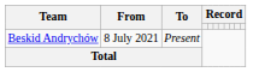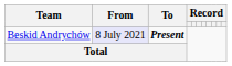 <table class="wikitable" style="text-align: center;">
 <tr>
 <th rowspan="2">Team</th>
 <th rowspan="2">From</th>
 <th rowspan="2">To</th>
 <th colspan="8">Record</th>
 </tr>
 <tr>
 <th></th>
 <th></th>
 <th></th>
 <th></th>
 <th></th>
 <th></th>
 <th></th>
 <th></th>
 </tr>
 <tr>
 <td align=left><a href='#'>Beskid Andrychów</a></td>
-<td align=left>8 July 2021</td>
-<td align=left><em>Present</em><br></td>
+<td align=left style="background: lavender;">8 July 2021</td>
+<td align=left><strong><em>Present</em><br></strong></td>
 </tr>
 <tr>
 <th colspan="3">Total<br></th>
 </tr>
 </table>
